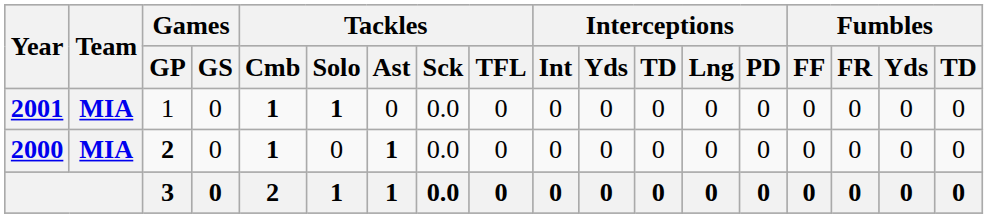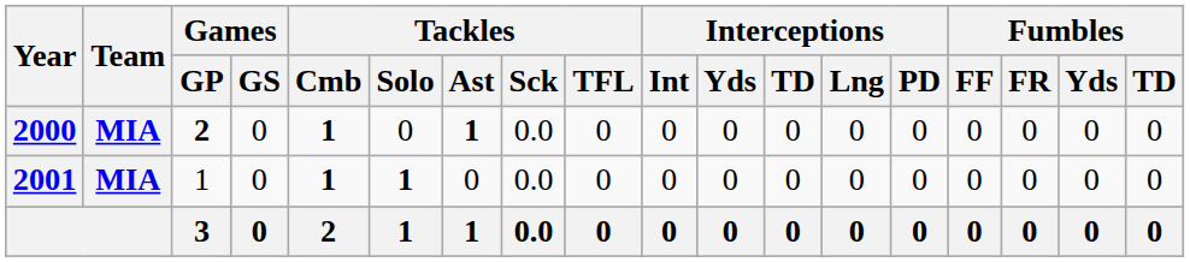 <table class="wikitable" style="text-align:center">
 <tr>
 <th rowspan="2">Year</th>
 <th rowspan="2">Team</th>
 <th colspan="2">Games</th>
 <th colspan="5">Tackles</th>
 <th colspan="5">Interceptions</th>
 <th colspan="4">Fumbles</th>
 </tr>
 <tr>
 <th>GP</th>
 <th>GS</th>
 <th>Cmb</th>
 <th>Solo</th>
 <th>Ast</th>
 <th>Sck</th>
 <th>TFL</th>
 <th>Int</th>
 <th>Yds</th>
 <th>TD</th>
 <th>Lng</th>
 <th>PD</th>
 <th>FF</th>
 <th>FR</th>
 <th>Yds</th>
 <th>TD</th>
 </tr>
 <tr>
-<th><a href='#'>2001</a></th>
+<th><a href='#'>2000</a></th>
 <th><a href='#'>MIA</a></th>
-<td>1</td>
+<td><strong>2</strong></td>
 <td>0</td>
 <td><strong>1</strong></td>
+<td>0</td>
 <td><strong>1</strong></td>
-<td>0</td>
 <td>0.0</td>
 <td>0</td>
 <td>0</td>
 <td>0</td>
 <td>0</td>
 <td>0</td>
 <td>0</td>
 <td>0</td>
 <td>0</td>
 <td>0</td>
 <td>0</td>
 </tr>
 <tr>
-<th><a href='#'>2000</a></th>
+<th><a href='#'>2001</a></th>
 <th><a href='#'>MIA</a></th>
-<td><strong>2</strong></td>
+<td>1</td>
 <td>0</td>
 <td><strong>1</strong></td>
+<td><strong>1</strong></td>
 <td>0</td>
-<td><strong>1</strong></td>
 <td>0.0</td>
 <td>0</td>
 <td>0</td>
 <td>0</td>
 <td>0</td>
 <td>0</td>
 <td>0</td>
 <td>0</td>
 <td>0</td>
 <td>0</td>
 <td>0</td>
 </tr>
 <tr>
 <th colspan="2"></th>
 <th>3</th>
 <th>0</th>
 <th>2</th>
 <th>1</th>
 <th>1</th>
 <th>0.0</th>
 <th>0</th>
 <th>0</th>
 <th>0</th>
 <th>0</th>
 <th>0</th>
 <th>0</th>
 <th>0</th>
 <th>0</th>
 <th>0</th>
 <th>0</th>
 </tr>
 </table>
